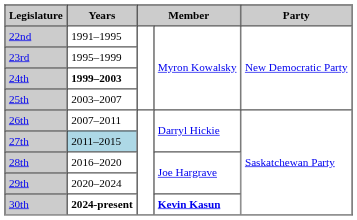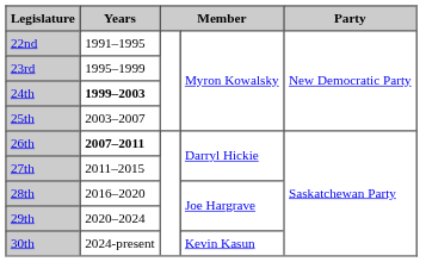 <table border=1 cellpadding=5 cellspacing=0>
 <tr bgcolor="CCCCCC">
 <th>Legislature</th>
 <th>Years</th>
 <th colspan="2">Member</th>
 <th>Party</th>
 </tr>
 <tr>
 <td bgcolor="CCCCCC"><a href='#'>22nd</a></td>
 <td>1991–1995</td>
 <td rowspan="4" >   </td>
 <td rowspan="4"><a href='#'>Myron Kowalsky</a></td>
 <td rowspan="4"><a href='#'>New Democratic Party</a></td>
 </tr>
 <tr>
 <td bgcolor="CCCCCC"><a href='#'>23rd</a></td>
 <td>1995–1999</td>
 </tr>
 <tr>
 <td bgcolor="CCCCCC"><a href='#'>24th</a></td>
 <td><strong>1999–2003</strong></td>
 </tr>
 <tr>
 <td bgcolor="CCCCCC"><a href='#'>25th</a></td>
 <td>2003–2007</td>
 </tr>
 <tr>
 <td bgcolor="CCCCCC"><a href='#'>26th</a></td>
-<td>2007–2011</td>
+<td><strong>2007–2011</strong></td>
 <td rowspan="5" >   </td>
 <td rowspan="2"><a href='#'>Darryl Hickie</a></td>
 <td rowspan="5"><a href='#'>Saskatchewan Party</a></td>
 </tr>
 <tr>
 <td bgcolor="CCCCCC"><a href='#'>27th</a></td>
-<td style="background: lightblue;">2011–2015</td>
+<td>2011–2015</td>
 </tr>
 <tr>
 <td bgcolor="CCCCCC"><a href='#'>28th</a></td>
 <td>2016–2020</td>
 <td rowspan="2"><a href='#'>Joe Hargrave</a></td>
 </tr>
 <tr>
 <td bgcolor="CCCCCC"><a href='#'>29th</a></td>
 <td>2020–2024</td>
 </tr>
 <tr>
 <td bgcolor="CCCCCC"><a href='#'>30th</a></td>
-<td><strong>2024-present</strong></td>
-<td><strong><a href='#'>Kevin Kasun</a></strong></td>
+<td>2024-present</td>
+<td><a href='#'>Kevin Kasun</a></td>
 </tr>
 </table>
